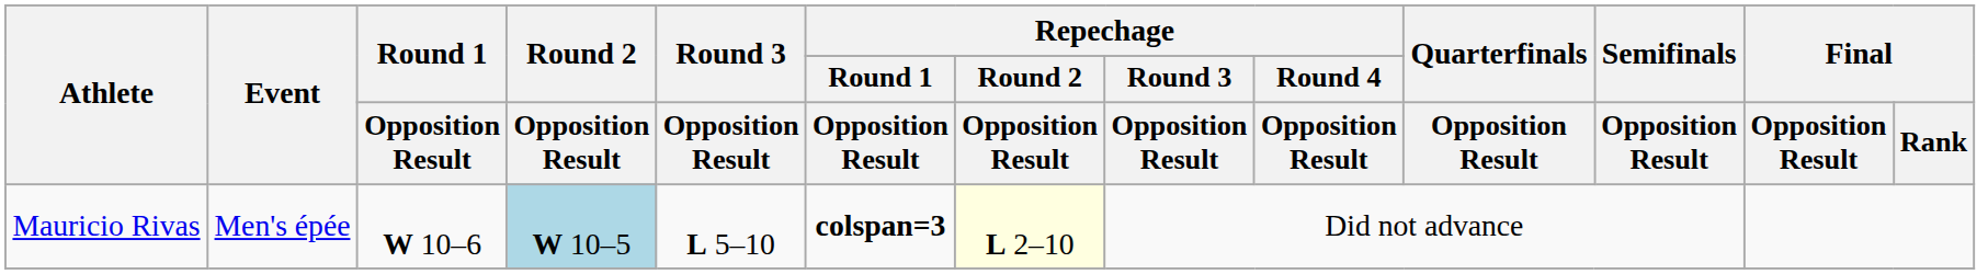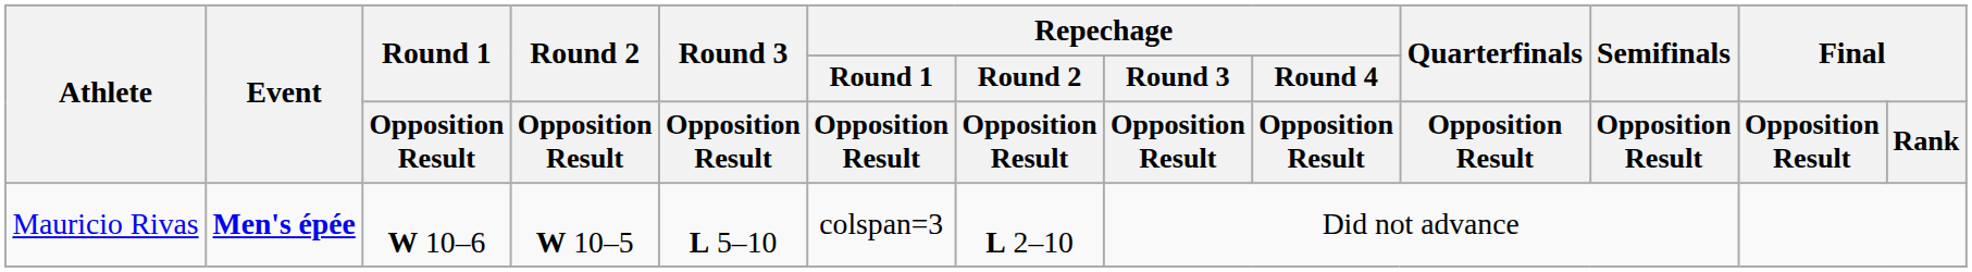 <table class="wikitable" style="font-size:90%">
 <tr>
 <th rowspan="3">Athlete</th>
 <th rowspan="3">Event</th>
 <th rowspan="2">Round 1</th>
 <th rowspan="2">Round 2</th>
 <th rowspan="2">Round 3</th>
 <th colspan=4>Repechage</th>
 <th rowspan="2">Quarterfinals</th>
 <th rowspan="2">Semifinals</th>
 <th rowspan="2" colspan=2>Final</th>
 </tr>
 <tr style="font-size:95%">
 <th>Round 1</th>
 <th>Round 2</th>
 <th>Round 3</th>
 <th>Round 4</th>
 </tr>
 <tr style="font-size:95%">
 <th>Opposition<br>Result</th>
 <th>Opposition<br>Result</th>
 <th>Opposition<br>Result</th>
 <th>Opposition<br>Result</th>
 <th>Opposition<br>Result</th>
 <th>Opposition<br>Result</th>
 <th>Opposition<br>Result</th>
 <th>Opposition<br>Result</th>
 <th>Opposition<br>Result</th>
 <th>Opposition<br>Result</th>
 <th>Rank</th>
 </tr>
 <tr align=center>
 <td align=left><a href='#'>Mauricio Rivas</a></td>
-<td align=left><a href='#'>Men's épée</a></td>
+<td align=left><strong><a href='#'>Men's épée</a></strong></td>
 <td><br><strong>W</strong> 10–6</td>
-<td style="background: lightblue;"><br><strong>W</strong> 10–5</td>
+<td><br><strong>W</strong> 10–5</td>
 <td><br><strong>L</strong> 5–10</td>
-<td><strong>colspan=3</strong></td>
-<td style="background: lightyellow;"><br><strong>L</strong> 2–10</td>
+<td>colspan=3</td>
+<td><br><strong>L</strong> 2–10</td>
 <td colspan=4>Did not advance</td>
 </tr>
 </table>
